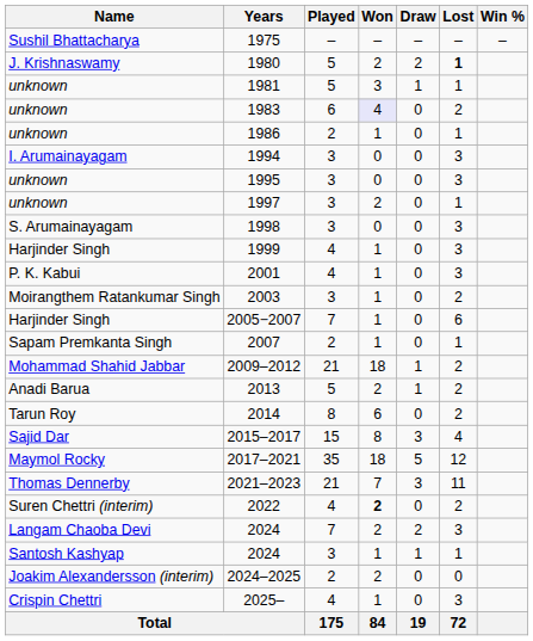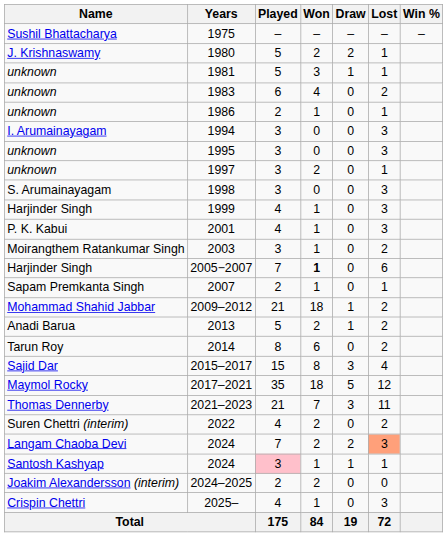 <table class="wikitable sortable" style="text-align:center;">
 <tr>
 <th>Name</th>
 <th>Years</th>
 <th>Played</th>
 <th>Won</th>
 <th>Draw</th>
 <th>Lost</th>
 <th>Win %</th>
 </tr>
 <tr>
 <td style="text-align: left;"> <a href='#'>Sushil Bhattacharya</a></td>
 <td>1975</td>
 <td>–</td>
 <td>–</td>
 <td>–</td>
 <td>–</td>
 <td>–</td>
 </tr>
 <tr>
 <td style="text-align: left;"> <a href='#'>J. Krishnaswamy</a></td>
 <td>1980</td>
 <td>5</td>
 <td>2</td>
 <td>2</td>
-<td><strong>1</strong></td>
+<td>1</td>
 <td></td>
 </tr>
 <tr>
 <td style="text-align: left;"><em>unknown</em></td>
 <td>1981</td>
 <td>5</td>
 <td>3</td>
 <td>1</td>
 <td>1</td>
 <td></td>
 </tr>
 <tr>
 <td style="text-align: left;"><em>unknown</em></td>
 <td>1983</td>
 <td>6</td>
-<td style="background: lavender;">4</td>
+<td>4</td>
 <td>0</td>
 <td>2</td>
 <td></td>
 </tr>
 <tr>
 <td style="text-align: left;"><em>unknown</em></td>
 <td>1986</td>
 <td>2</td>
 <td>1</td>
 <td>0</td>
 <td>1</td>
 <td></td>
 </tr>
 <tr>
 <td style="text-align: left;"> <a href='#'>I. Arumainayagam</a></td>
 <td>1994</td>
 <td>3</td>
 <td>0</td>
 <td>0</td>
 <td>3</td>
 <td></td>
 </tr>
 <tr>
 <td style="text-align: left;"><em>unknown</em></td>
 <td>1995</td>
 <td>3</td>
 <td>0</td>
 <td>0</td>
 <td>3</td>
 <td></td>
 </tr>
 <tr>
 <td style="text-align: left;"><em>unknown</em></td>
 <td>1997</td>
 <td>3</td>
 <td>2</td>
 <td>0</td>
 <td>1</td>
 <td></td>
 </tr>
 <tr>
 <td style="text-align: left;"> S. Arumainayagam</td>
 <td>1998</td>
 <td>3</td>
 <td>0</td>
 <td>0</td>
 <td>3</td>
 <td></td>
 </tr>
 <tr>
 <td style="text-align: left;"> Harjinder Singh</td>
 <td>1999</td>
 <td>4</td>
 <td>1</td>
 <td>0</td>
 <td>3</td>
 <td></td>
 </tr>
 <tr>
 <td style="text-align: left;"> P. K. Kabui</td>
 <td>2001</td>
 <td>4</td>
 <td>1</td>
 <td>0</td>
 <td>3</td>
 <td></td>
 </tr>
 <tr>
 <td style="text-align: left;"> Moirangthem Ratankumar Singh</td>
 <td>2003</td>
 <td>3</td>
 <td>1</td>
 <td>0</td>
 <td>2</td>
 <td></td>
 </tr>
 <tr>
 <td style="text-align: left;"> Harjinder Singh</td>
 <td>2005−2007</td>
 <td>7</td>
-<td>1</td>
+<td><strong>1</strong></td>
 <td>0</td>
 <td>6</td>
 <td></td>
 </tr>
 <tr>
 <td style="text-align: left;"> Sapam Premkanta Singh</td>
 <td>2007</td>
 <td>2</td>
 <td>1</td>
 <td>0</td>
 <td>1</td>
 <td></td>
 </tr>
 <tr>
 <td style="text-align: left;"> <a href='#'>Mohammad Shahid Jabbar</a></td>
 <td>2009–2012</td>
 <td>21</td>
 <td>18</td>
 <td>1</td>
 <td>2</td>
 <td></td>
 </tr>
 <tr>
 <td style="text-align: left;"> Anadi Barua</td>
 <td>2013</td>
 <td>5</td>
 <td>2</td>
 <td>1</td>
 <td>2</td>
 <td></td>
 </tr>
 <tr class="sortbottom">
 <td style="text-align: left;"> Tarun Roy</td>
 <td>2014</td>
 <td>8</td>
 <td>6</td>
 <td>0</td>
 <td>2</td>
 <td></td>
 </tr>
 <tr class="sortbottom">
 <td style="text-align: left;"> <a href='#'>Sajid Dar</a></td>
 <td>2015–2017</td>
 <td>15</td>
 <td>8</td>
 <td>3</td>
 <td>4</td>
 <td></td>
 </tr>
 <tr class="sortbottom">
 <td style="text-align: left;"> <a href='#'>Maymol Rocky</a></td>
 <td>2017–2021</td>
 <td>35</td>
 <td>18</td>
 <td>5</td>
 <td>12</td>
 <td></td>
 </tr>
 <tr>
 <td style="text-align: left;"> <a href='#'>Thomas Dennerby</a></td>
 <td>2021–2023</td>
 <td>21</td>
 <td>7</td>
 <td>3</td>
 <td>11</td>
 <td></td>
 </tr>
 <tr>
 <td style="text-align: left;"> Suren Chettri <em>(interim)</em></td>
 <td>2022</td>
 <td>4</td>
-<td><strong>2</strong></td>
+<td>2</td>
 <td>0</td>
 <td>2</td>
 <td></td>
 </tr>
 <tr>
 <td style="text-align: left;"> <a href='#'>Langam Chaoba Devi</a></td>
 <td>2024</td>
 <td>7</td>
 <td>2</td>
 <td>2</td>
-<td>3</td>
+<td style="background: lightsalmon;">3</td>
 <td></td>
 </tr>
 <tr>
 <td style="text-align: left;"> <a href='#'>Santosh Kashyap</a></td>
 <td>2024</td>
-<td>3</td>
+<td style="background: pink;">3</td>
 <td>1</td>
 <td>1</td>
 <td>1</td>
 <td></td>
 </tr>
 <tr>
 <td style="text-align: left;"> <a href='#'>Joakim Alexandersson</a> <em>(interim)</em></td>
 <td>2024–2025</td>
 <td>2</td>
 <td>2</td>
 <td>0</td>
 <td>0</td>
 <td></td>
 </tr>
 <tr>
 <td style="text-align: left;"> <a href='#'>Crispin Chettri</a></td>
 <td>2025–</td>
 <td>4</td>
 <td>1</td>
 <td>0</td>
 <td>3</td>
 <td></td>
 </tr>
 <tr class="sortbottom">
 <th colspan="2">Total</th>
 <th>175</th>
 <th>84</th>
 <th>19</th>
 <th>72</th>
 <th></th>
 </tr>
 </table>
